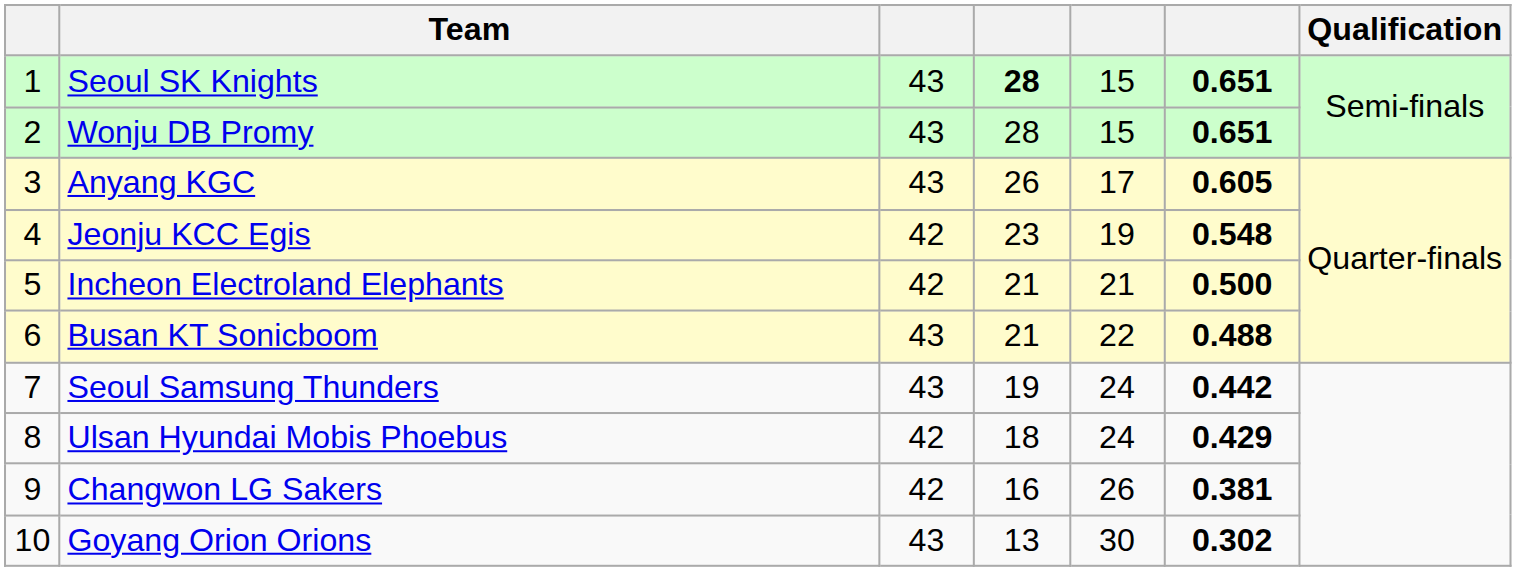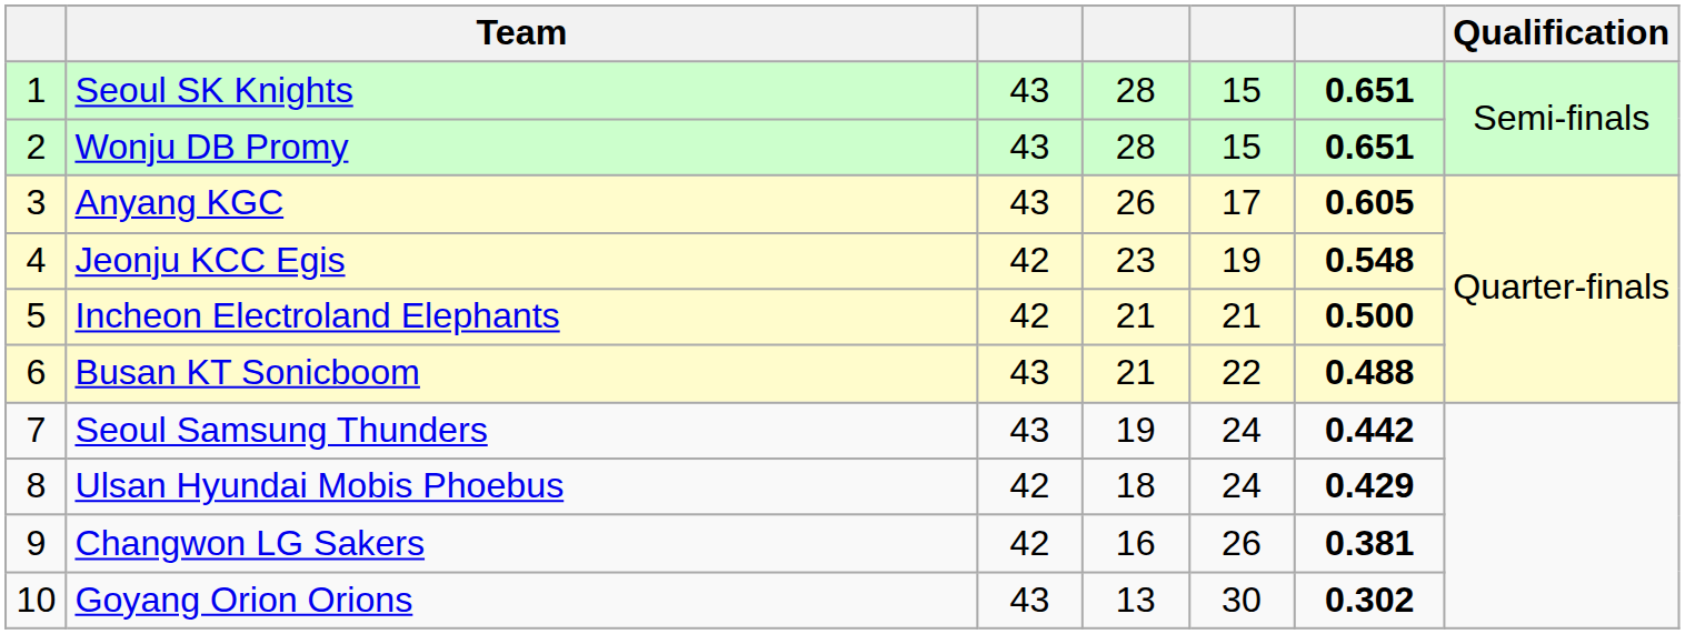 <table class="wikitable" style="text-align:center;">
 <tr>
 <th width=20></th>
 <th width=400>Team</th>
 <th width=40></th>
 <th width=40></th>
 <th width=40></th>
 <th width=60></th>
 <th width=80>Qualification</th>
 </tr>
 <tr bgcolor=#ccffcc>
 <td>1</td>
 <td align=left><a href='#'>Seoul SK Knights</a></td>
 <td>43</td>
-<td><strong>28</strong></td>
+<td>28</td>
 <td>15</td>
 <td><strong>0.651</strong></td>
 <td rowspan="2">Semi-finals</td>
 </tr>
 <tr bgcolor=#ccffcc>
 <td>2</td>
 <td align=left><a href='#'>Wonju DB Promy</a></td>
 <td>43</td>
 <td>28</td>
 <td>15</td>
 <td><strong>0.651</strong></td>
 </tr>
 <tr bgcolor=#fffccc>
 <td>3</td>
 <td align=left><a href='#'>Anyang KGC</a></td>
 <td>43</td>
 <td>26</td>
 <td>17</td>
 <td><strong>0.605</strong></td>
 <td rowspan="4">Quarter-finals</td>
 </tr>
 <tr bgcolor=#fffccc>
 <td>4</td>
 <td align=left><a href='#'>Jeonju KCC Egis</a></td>
 <td>42</td>
 <td>23</td>
 <td>19</td>
 <td><strong>0.548</strong></td>
 </tr>
 <tr bgcolor=#fffccc>
 <td>5</td>
 <td align=left><a href='#'>Incheon Electroland Elephants</a></td>
 <td>42</td>
 <td>21</td>
 <td>21</td>
 <td><strong>0.500</strong></td>
 </tr>
 <tr bgcolor=#fffccc>
 <td>6</td>
 <td align=left><a href='#'>Busan KT Sonicboom</a></td>
 <td>43</td>
 <td>21</td>
 <td>22</td>
 <td><strong>0.488</strong></td>
 </tr>
 <tr>
 <td>7</td>
 <td align=left><a href='#'>Seoul Samsung Thunders</a></td>
 <td>43</td>
 <td>19</td>
 <td>24</td>
 <td><strong>0.442</strong></td>
 <td rowspan="4"></td>
 </tr>
 <tr>
 <td>8</td>
 <td align=left><a href='#'>Ulsan Hyundai Mobis Phoebus</a></td>
 <td>42</td>
 <td>18</td>
 <td>24</td>
 <td><strong>0.429</strong></td>
 </tr>
 <tr>
 <td>9</td>
 <td align=left><a href='#'>Changwon LG Sakers</a></td>
 <td>42</td>
 <td>16</td>
 <td>26</td>
 <td><strong>0.381</strong></td>
 </tr>
 <tr>
 <td>10</td>
 <td align=left><a href='#'>Goyang Orion Orions</a></td>
 <td>43</td>
 <td>13</td>
 <td>30</td>
 <td><strong>0.302</strong></td>
 </tr>
 </table>
